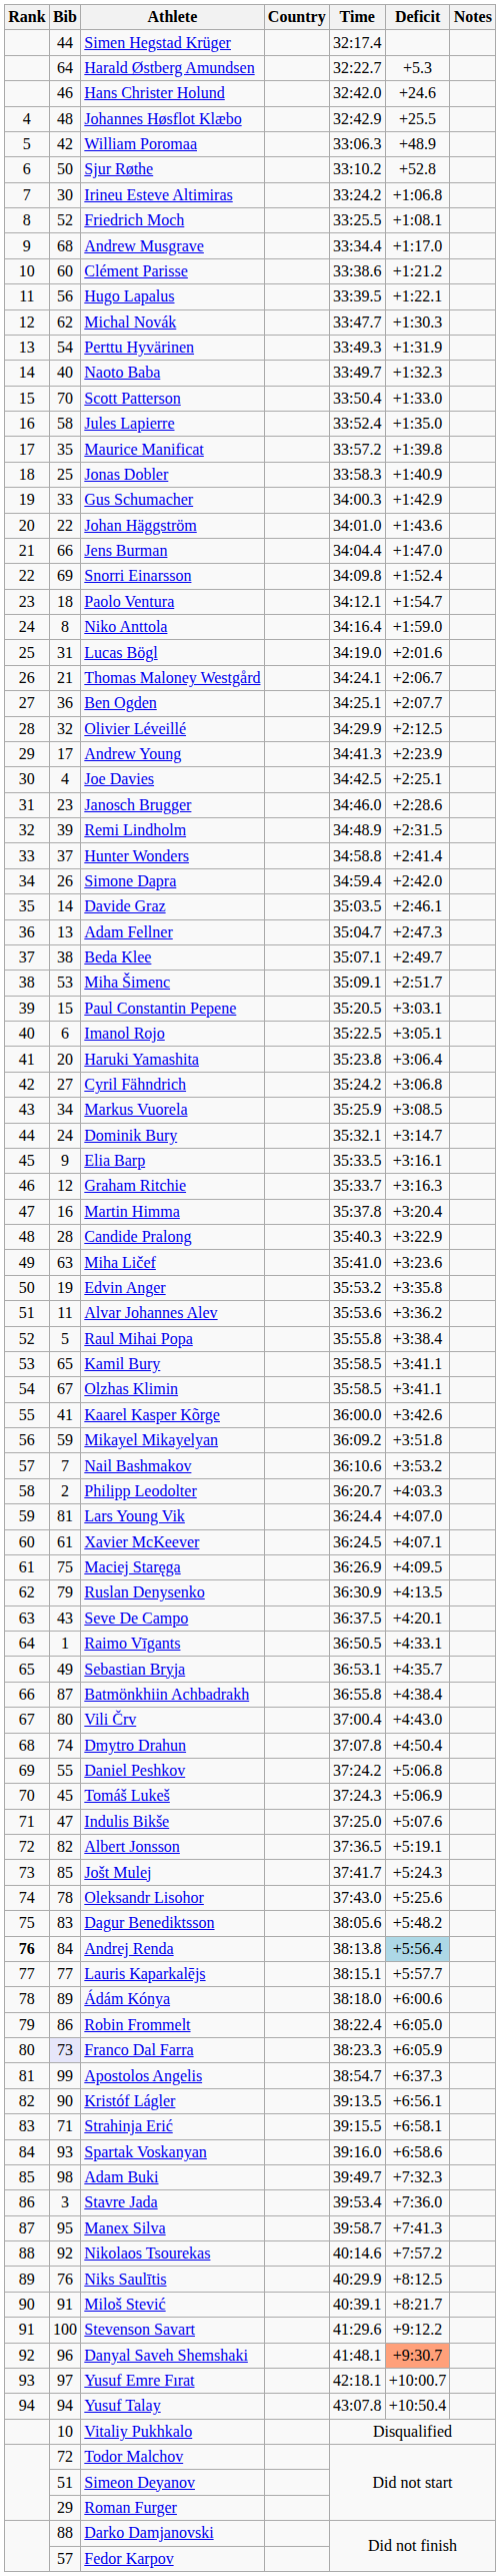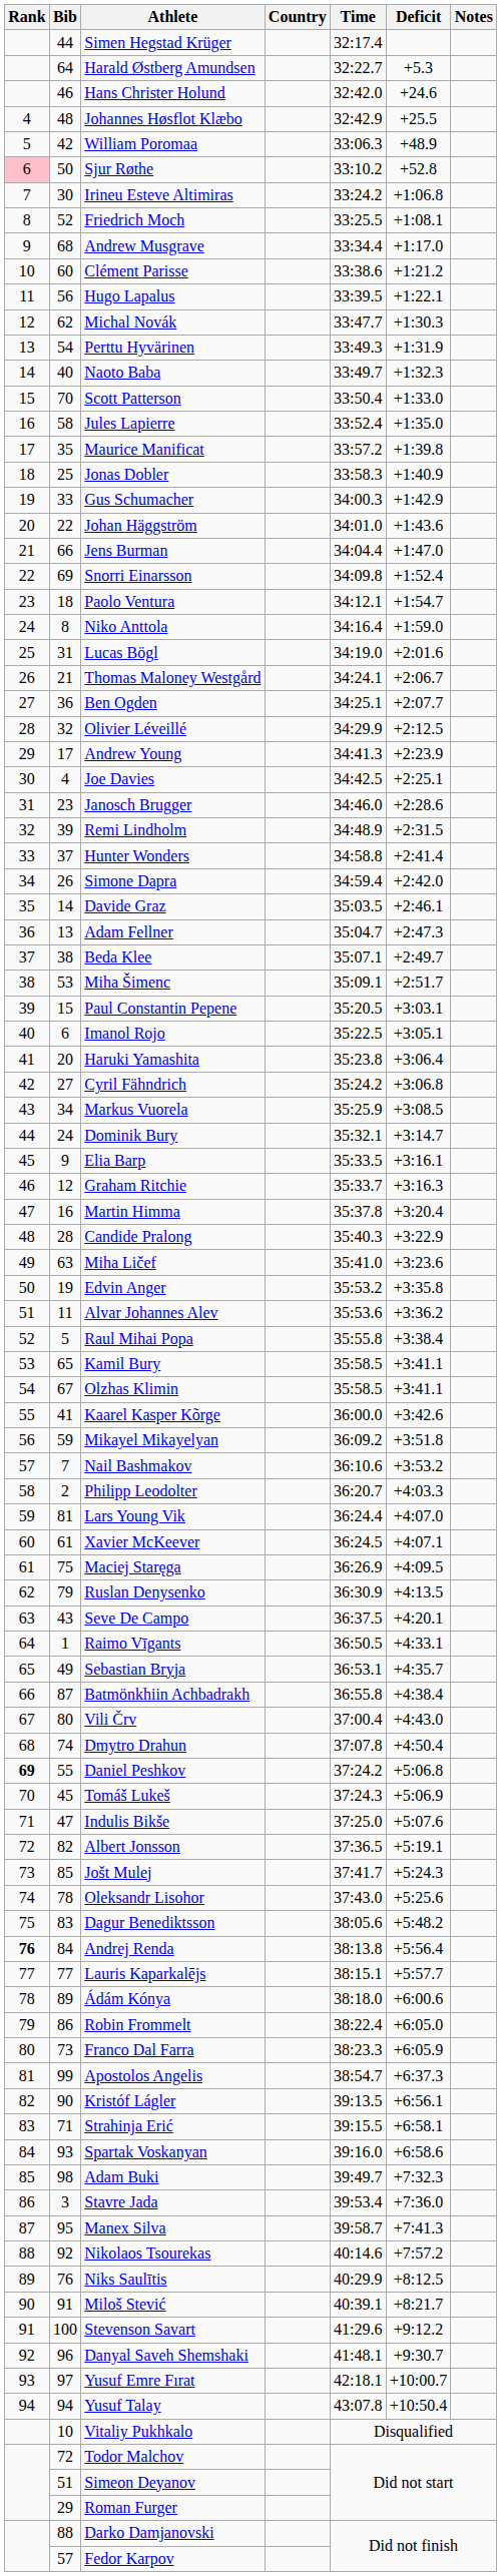 <table class="wikitable sortable" style="text-align:center">
 <tr>
 <th>Rank</th>
 <th>Bib</th>
 <th>Athlete</th>
 <th>Country</th>
 <th>Time</th>
 <th>Deficit</th>
 <th>Notes</th>
 </tr>
 <tr>
 <td></td>
 <td>44</td>
 <td align=left><a href='#'>Simen Hegstad Krüger</a></td>
 <td align=left></td>
 <td>32:17.4</td>
 <td></td>
 <td></td>
 </tr>
 <tr>
 <td></td>
 <td>64</td>
 <td align=left><a href='#'>Harald Østberg Amundsen</a></td>
 <td align=left></td>
 <td>32:22.7</td>
 <td>+5.3</td>
 <td></td>
 </tr>
 <tr>
 <td></td>
 <td>46</td>
 <td align=left><a href='#'>Hans Christer Holund</a></td>
 <td align=left></td>
 <td>32:42.0</td>
 <td>+24.6</td>
 <td></td>
 </tr>
 <tr>
 <td>4</td>
 <td>48</td>
 <td align=left><a href='#'>Johannes Høsflot Klæbo</a></td>
 <td align=left></td>
 <td>32:42.9</td>
 <td>+25.5</td>
 <td></td>
 </tr>
 <tr>
 <td>5</td>
 <td>42</td>
 <td align=left><a href='#'>William Poromaa</a></td>
 <td align=left></td>
 <td>33:06.3</td>
 <td>+48.9</td>
 <td></td>
 </tr>
 <tr>
-<td>6</td>
+<td style="background: pink;">6</td>
 <td>50</td>
 <td align=left><a href='#'>Sjur Røthe</a></td>
 <td align=left></td>
 <td>33:10.2</td>
 <td>+52.8</td>
 <td></td>
 </tr>
 <tr>
 <td>7</td>
 <td>30</td>
 <td align=left><a href='#'>Irineu Esteve Altimiras</a></td>
 <td align=left></td>
 <td>33:24.2</td>
 <td>+1:06.8</td>
 <td></td>
 </tr>
 <tr>
 <td>8</td>
 <td>52</td>
 <td align=left><a href='#'>Friedrich Moch</a></td>
 <td align=left></td>
 <td>33:25.5</td>
 <td>+1:08.1</td>
 <td></td>
 </tr>
 <tr>
 <td>9</td>
 <td>68</td>
 <td align=left><a href='#'>Andrew Musgrave</a></td>
 <td align=left></td>
 <td>33:34.4</td>
 <td>+1:17.0</td>
 <td></td>
 </tr>
 <tr>
 <td>10</td>
 <td>60</td>
 <td align=left><a href='#'>Clément Parisse</a></td>
 <td align=left></td>
 <td>33:38.6</td>
 <td>+1:21.2</td>
 <td></td>
 </tr>
 <tr>
 <td>11</td>
 <td>56</td>
 <td align=left><a href='#'>Hugo Lapalus</a></td>
 <td align=left></td>
 <td>33:39.5</td>
 <td>+1:22.1</td>
 <td></td>
 </tr>
 <tr>
 <td>12</td>
 <td>62</td>
 <td align=left><a href='#'>Michal Novák</a></td>
 <td align=left></td>
 <td>33:47.7</td>
 <td>+1:30.3</td>
 <td></td>
 </tr>
 <tr>
 <td>13</td>
 <td>54</td>
 <td align=left><a href='#'>Perttu Hyvärinen</a></td>
 <td align=left></td>
 <td>33:49.3</td>
 <td>+1:31.9</td>
 <td></td>
 </tr>
 <tr>
 <td>14</td>
 <td>40</td>
 <td align=left><a href='#'>Naoto Baba</a></td>
 <td align=left></td>
 <td>33:49.7</td>
 <td>+1:32.3</td>
 <td></td>
 </tr>
 <tr>
 <td>15</td>
 <td>70</td>
 <td align=left><a href='#'>Scott Patterson</a></td>
 <td align=left></td>
 <td>33:50.4</td>
 <td>+1:33.0</td>
 <td></td>
 </tr>
 <tr>
 <td>16</td>
 <td>58</td>
 <td align=left><a href='#'>Jules Lapierre</a></td>
 <td align=left></td>
 <td>33:52.4</td>
 <td>+1:35.0</td>
 <td></td>
 </tr>
 <tr>
 <td>17</td>
 <td>35</td>
 <td align=left><a href='#'>Maurice Manificat</a></td>
 <td align=left></td>
 <td>33:57.2</td>
 <td>+1:39.8</td>
 <td></td>
 </tr>
 <tr>
 <td>18</td>
 <td>25</td>
 <td align=left><a href='#'>Jonas Dobler</a></td>
 <td align=left></td>
 <td>33:58.3</td>
 <td>+1:40.9</td>
 <td></td>
 </tr>
 <tr>
 <td>19</td>
 <td>33</td>
 <td align=left><a href='#'>Gus Schumacher</a></td>
 <td align=left></td>
 <td>34:00.3</td>
 <td>+1:42.9</td>
 <td></td>
 </tr>
 <tr>
 <td>20</td>
 <td>22</td>
 <td align=left><a href='#'>Johan Häggström</a></td>
 <td align=left></td>
 <td>34:01.0</td>
 <td>+1:43.6</td>
 <td></td>
 </tr>
 <tr>
 <td>21</td>
 <td>66</td>
 <td align=left><a href='#'>Jens Burman</a></td>
 <td align=left></td>
 <td>34:04.4</td>
 <td>+1:47.0</td>
 <td></td>
 </tr>
 <tr>
 <td>22</td>
 <td>69</td>
 <td align=left><a href='#'>Snorri Einarsson</a></td>
 <td align=left></td>
 <td>34:09.8</td>
 <td>+1:52.4</td>
 <td></td>
 </tr>
 <tr>
 <td>23</td>
 <td>18</td>
 <td align=left><a href='#'>Paolo Ventura</a></td>
 <td align=left></td>
 <td>34:12.1</td>
 <td>+1:54.7</td>
 <td></td>
 </tr>
 <tr>
 <td>24</td>
 <td>8</td>
 <td align=left><a href='#'>Niko Anttola</a></td>
 <td align=left></td>
 <td>34:16.4</td>
 <td>+1:59.0</td>
 <td></td>
 </tr>
 <tr>
 <td>25</td>
 <td>31</td>
 <td align=left><a href='#'>Lucas Bögl</a></td>
 <td align=left></td>
 <td>34:19.0</td>
 <td>+2:01.6</td>
 <td></td>
 </tr>
 <tr>
 <td>26</td>
 <td>21</td>
 <td align=left><a href='#'>Thomas Maloney Westgård</a></td>
 <td align=left></td>
 <td>34:24.1</td>
 <td>+2:06.7</td>
 <td></td>
 </tr>
 <tr>
 <td>27</td>
 <td>36</td>
 <td align=left><a href='#'>Ben Ogden</a></td>
 <td align=left></td>
 <td>34:25.1</td>
 <td>+2:07.7</td>
 <td></td>
 </tr>
 <tr>
 <td>28</td>
 <td>32</td>
 <td align=left><a href='#'>Olivier Léveillé</a></td>
 <td align=left></td>
 <td>34:29.9</td>
 <td>+2:12.5</td>
 <td></td>
 </tr>
 <tr>
 <td>29</td>
 <td>17</td>
 <td align=left><a href='#'>Andrew Young</a></td>
 <td align=left></td>
 <td>34:41.3</td>
 <td>+2:23.9</td>
 <td></td>
 </tr>
 <tr>
 <td>30</td>
 <td>4</td>
 <td align=left><a href='#'>Joe Davies</a></td>
 <td align=left></td>
 <td>34:42.5</td>
 <td>+2:25.1</td>
 <td></td>
 </tr>
 <tr>
 <td>31</td>
 <td>23</td>
 <td align=left><a href='#'>Janosch Brugger</a></td>
 <td align=left></td>
 <td>34:46.0</td>
 <td>+2:28.6</td>
 <td></td>
 </tr>
 <tr>
 <td>32</td>
 <td>39</td>
 <td align=left><a href='#'>Remi Lindholm</a></td>
 <td align=left></td>
 <td>34:48.9</td>
 <td>+2:31.5</td>
 <td></td>
 </tr>
 <tr>
 <td>33</td>
 <td>37</td>
 <td align=left><a href='#'>Hunter Wonders</a></td>
 <td align=left></td>
 <td>34:58.8</td>
 <td>+2:41.4</td>
 <td></td>
 </tr>
 <tr>
 <td>34</td>
 <td>26</td>
 <td align=left><a href='#'>Simone Dapra</a></td>
 <td align=left></td>
 <td>34:59.4</td>
 <td>+2:42.0</td>
 <td></td>
 </tr>
 <tr>
 <td>35</td>
 <td>14</td>
 <td align=left><a href='#'>Davide Graz</a></td>
 <td align=left></td>
 <td>35:03.5</td>
 <td>+2:46.1</td>
 <td></td>
 </tr>
 <tr>
 <td>36</td>
 <td>13</td>
 <td align=left><a href='#'>Adam Fellner</a></td>
 <td align=left></td>
 <td>35:04.7</td>
 <td>+2:47.3</td>
 <td></td>
 </tr>
 <tr>
 <td>37</td>
 <td>38</td>
 <td align=left><a href='#'>Beda Klee</a></td>
 <td align=left></td>
 <td>35:07.1</td>
 <td>+2:49.7</td>
 <td></td>
 </tr>
 <tr>
 <td>38</td>
 <td>53</td>
 <td align=left><a href='#'>Miha Šimenc</a></td>
 <td align=left></td>
 <td>35:09.1</td>
 <td>+2:51.7</td>
 <td></td>
 </tr>
 <tr>
 <td>39</td>
 <td>15</td>
 <td align=left><a href='#'>Paul Constantin Pepene</a></td>
 <td align=left></td>
 <td>35:20.5</td>
 <td>+3:03.1</td>
 <td></td>
 </tr>
 <tr>
 <td>40</td>
 <td>6</td>
 <td align=left><a href='#'>Imanol Rojo</a></td>
 <td align=left></td>
 <td>35:22.5</td>
 <td>+3:05.1</td>
 <td></td>
 </tr>
 <tr>
 <td>41</td>
 <td>20</td>
 <td align=left><a href='#'>Haruki Yamashita</a></td>
 <td align=left></td>
 <td>35:23.8</td>
 <td>+3:06.4</td>
 <td></td>
 </tr>
 <tr>
 <td>42</td>
 <td>27</td>
 <td align=left><a href='#'>Cyril Fähndrich</a></td>
 <td align=left></td>
 <td>35:24.2</td>
 <td>+3:06.8</td>
 <td></td>
 </tr>
 <tr>
 <td>43</td>
 <td>34</td>
 <td align=left><a href='#'>Markus Vuorela</a></td>
 <td align=left></td>
 <td>35:25.9</td>
 <td>+3:08.5</td>
 <td></td>
 </tr>
 <tr>
 <td>44</td>
 <td>24</td>
 <td align=left><a href='#'>Dominik Bury</a></td>
 <td align=left></td>
 <td>35:32.1</td>
 <td>+3:14.7</td>
 <td></td>
 </tr>
 <tr>
 <td>45</td>
 <td>9</td>
 <td align=left><a href='#'>Elia Barp</a></td>
 <td align=left></td>
 <td>35:33.5</td>
 <td>+3:16.1</td>
 <td></td>
 </tr>
 <tr>
 <td>46</td>
 <td>12</td>
 <td align=left><a href='#'>Graham Ritchie</a></td>
 <td align=left></td>
 <td>35:33.7</td>
 <td>+3:16.3</td>
 <td></td>
 </tr>
 <tr>
 <td>47</td>
 <td>16</td>
 <td align=left><a href='#'>Martin Himma</a></td>
 <td align=left></td>
 <td>35:37.8</td>
 <td>+3:20.4</td>
 <td></td>
 </tr>
 <tr>
 <td>48</td>
 <td>28</td>
 <td align=left><a href='#'>Candide Pralong</a></td>
 <td align=left></td>
 <td>35:40.3</td>
 <td>+3:22.9</td>
 <td></td>
 </tr>
 <tr>
 <td>49</td>
 <td>63</td>
 <td align=left><a href='#'>Miha Ličef</a></td>
 <td align=left></td>
 <td>35:41.0</td>
 <td>+3:23.6</td>
 <td></td>
 </tr>
 <tr>
 <td>50</td>
 <td>19</td>
 <td align=left><a href='#'>Edvin Anger</a></td>
 <td align=left></td>
 <td>35:53.2</td>
 <td>+3:35.8</td>
 <td></td>
 </tr>
 <tr>
 <td>51</td>
 <td>11</td>
 <td align=left><a href='#'>Alvar Johannes Alev</a></td>
 <td align=left></td>
 <td>35:53.6</td>
 <td>+3:36.2</td>
 <td></td>
 </tr>
 <tr>
 <td>52</td>
 <td>5</td>
 <td align=left><a href='#'>Raul Mihai Popa</a></td>
 <td align=left></td>
 <td>35:55.8</td>
 <td>+3:38.4</td>
 <td></td>
 </tr>
 <tr>
 <td>53</td>
 <td>65</td>
 <td align=left><a href='#'>Kamil Bury</a></td>
 <td align=left></td>
 <td>35:58.5</td>
 <td>+3:41.1</td>
 <td></td>
 </tr>
 <tr>
 <td>54</td>
 <td>67</td>
 <td align=left><a href='#'>Olzhas Klimin</a></td>
 <td align=left></td>
 <td>35:58.5</td>
 <td>+3:41.1</td>
 <td></td>
 </tr>
 <tr>
 <td>55</td>
 <td>41</td>
 <td align=left><a href='#'>Kaarel Kasper Kõrge</a></td>
 <td align=left></td>
 <td>36:00.0</td>
 <td>+3:42.6</td>
 <td></td>
 </tr>
 <tr>
 <td>56</td>
 <td>59</td>
 <td align=left><a href='#'>Mikayel Mikayelyan</a></td>
 <td align=left></td>
 <td>36:09.2</td>
 <td>+3:51.8</td>
 <td></td>
 </tr>
 <tr>
 <td>57</td>
 <td>7</td>
 <td align=left><a href='#'>Nail Bashmakov</a></td>
 <td align=left></td>
 <td>36:10.6</td>
 <td>+3:53.2</td>
 <td></td>
 </tr>
 <tr>
 <td>58</td>
 <td>2</td>
 <td align=left><a href='#'>Philipp Leodolter</a></td>
 <td align=left></td>
 <td>36:20.7</td>
 <td>+4:03.3</td>
 <td></td>
 </tr>
 <tr>
 <td>59</td>
 <td>81</td>
 <td align=left><a href='#'>Lars Young Vik</a></td>
 <td align=left></td>
 <td>36:24.4</td>
 <td>+4:07.0</td>
 <td></td>
 </tr>
 <tr>
 <td>60</td>
 <td>61</td>
 <td align=left><a href='#'>Xavier McKeever</a></td>
 <td align=left></td>
 <td>36:24.5</td>
 <td>+4:07.1</td>
 <td></td>
 </tr>
 <tr>
 <td>61</td>
 <td>75</td>
 <td align=left><a href='#'>Maciej Staręga</a></td>
 <td align=left></td>
 <td>36:26.9</td>
 <td>+4:09.5</td>
 <td></td>
 </tr>
 <tr>
 <td>62</td>
 <td>79</td>
 <td align=left><a href='#'>Ruslan Denysenko</a></td>
 <td align=left></td>
 <td>36:30.9</td>
 <td>+4:13.5</td>
 <td></td>
 </tr>
 <tr>
 <td>63</td>
 <td>43</td>
 <td align=left><a href='#'>Seve De Campo</a></td>
 <td align=left></td>
 <td>36:37.5</td>
 <td>+4:20.1</td>
 <td></td>
 </tr>
 <tr>
 <td>64</td>
 <td>1</td>
 <td align=left><a href='#'>Raimo Vīgants</a></td>
 <td align=left></td>
 <td>36:50.5</td>
 <td>+4:33.1</td>
 <td></td>
 </tr>
 <tr>
 <td>65</td>
 <td>49</td>
 <td align=left><a href='#'>Sebastian Bryja</a></td>
 <td align=left></td>
 <td>36:53.1</td>
 <td>+4:35.7</td>
 <td></td>
 </tr>
 <tr>
 <td>66</td>
 <td>87</td>
 <td align=left><a href='#'>Batmönkhiin Achbadrakh</a></td>
 <td align=left></td>
 <td>36:55.8</td>
 <td>+4:38.4</td>
 <td></td>
 </tr>
 <tr>
 <td>67</td>
 <td>80</td>
 <td align=left><a href='#'>Vili Črv</a></td>
 <td align=left></td>
 <td>37:00.4</td>
 <td>+4:43.0</td>
 <td></td>
 </tr>
 <tr>
 <td>68</td>
 <td>74</td>
 <td align=left><a href='#'>Dmytro Drahun</a></td>
 <td align=left></td>
 <td>37:07.8</td>
 <td>+4:50.4</td>
 <td></td>
 </tr>
 <tr>
-<td>69</td>
+<td><strong>69</strong></td>
 <td>55</td>
 <td align=left><a href='#'>Daniel Peshkov</a></td>
 <td align=left></td>
 <td>37:24.2</td>
 <td>+5:06.8</td>
 <td></td>
 </tr>
 <tr>
 <td>70</td>
 <td>45</td>
 <td align=left><a href='#'>Tomáš Lukeš</a></td>
 <td align=left></td>
 <td>37:24.3</td>
 <td>+5:06.9</td>
 <td></td>
 </tr>
 <tr>
 <td>71</td>
 <td>47</td>
 <td align=left><a href='#'>Indulis Bikše</a></td>
 <td align=left></td>
 <td>37:25.0</td>
 <td>+5:07.6</td>
 <td></td>
 </tr>
 <tr>
 <td>72</td>
 <td>82</td>
 <td align=left><a href='#'>Albert Jonsson</a></td>
 <td align=left></td>
 <td>37:36.5</td>
 <td>+5:19.1</td>
 <td></td>
 </tr>
 <tr>
 <td>73</td>
 <td>85</td>
 <td align=left><a href='#'>Jošt Mulej</a></td>
 <td align=left></td>
 <td>37:41.7</td>
 <td>+5:24.3</td>
 <td></td>
 </tr>
 <tr>
 <td>74</td>
 <td>78</td>
 <td align=left><a href='#'>Oleksandr Lisohor</a></td>
 <td align=left></td>
 <td>37:43.0</td>
 <td>+5:25.6</td>
 <td></td>
 </tr>
 <tr>
 <td>75</td>
 <td>83</td>
 <td align=left><a href='#'>Dagur Benediktsson</a></td>
 <td align=left></td>
 <td>38:05.6</td>
 <td>+5:48.2</td>
 <td></td>
 </tr>
 <tr>
 <td><strong>76</strong></td>
 <td>84</td>
 <td align=left><a href='#'>Andrej Renda</a></td>
 <td align=left></td>
 <td>38:13.8</td>
-<td style="background: lightblue;">+5:56.4</td>
+<td>+5:56.4</td>
 <td></td>
 </tr>
 <tr>
 <td>77</td>
 <td>77</td>
 <td align=left><a href='#'>Lauris Kaparkalējs</a></td>
 <td align=left></td>
 <td>38:15.1</td>
 <td>+5:57.7</td>
 <td></td>
 </tr>
 <tr>
 <td>78</td>
 <td>89</td>
 <td align=left><a href='#'>Ádám Kónya</a></td>
 <td align=left></td>
 <td>38:18.0</td>
 <td>+6:00.6</td>
 <td></td>
 </tr>
 <tr>
 <td>79</td>
 <td>86</td>
 <td align=left><a href='#'>Robin Frommelt</a></td>
 <td align=left></td>
 <td>38:22.4</td>
 <td>+6:05.0</td>
 <td></td>
 </tr>
 <tr>
 <td>80</td>
-<td style="background: lavender;">73</td>
+<td>73</td>
 <td align=left><a href='#'>Franco Dal Farra</a></td>
 <td align=left></td>
 <td>38:23.3</td>
 <td>+6:05.9</td>
 <td></td>
 </tr>
 <tr>
 <td>81</td>
 <td>99</td>
 <td align=left><a href='#'>Apostolos Angelis</a></td>
 <td align=left></td>
 <td>38:54.7</td>
 <td>+6:37.3</td>
 <td></td>
 </tr>
 <tr>
 <td>82</td>
 <td>90</td>
 <td align=left><a href='#'>Kristóf Lágler</a></td>
 <td align=left></td>
 <td>39:13.5</td>
 <td>+6:56.1</td>
 <td></td>
 </tr>
 <tr>
 <td>83</td>
 <td>71</td>
 <td align=left><a href='#'>Strahinja Erić</a></td>
 <td align=left></td>
 <td>39:15.5</td>
 <td>+6:58.1</td>
 <td></td>
 </tr>
 <tr>
 <td>84</td>
 <td>93</td>
 <td align=left><a href='#'>Spartak Voskanyan</a></td>
 <td align=left></td>
 <td>39:16.0</td>
 <td>+6:58.6</td>
 <td></td>
 </tr>
 <tr>
 <td>85</td>
 <td>98</td>
 <td align=left><a href='#'>Adam Buki</a></td>
 <td align=left></td>
 <td>39:49.7</td>
 <td>+7:32.3</td>
 <td></td>
 </tr>
 <tr>
 <td>86</td>
 <td>3</td>
 <td align=left><a href='#'>Stavre Jada</a></td>
 <td align=left></td>
 <td>39:53.4</td>
 <td>+7:36.0</td>
 <td></td>
 </tr>
 <tr>
 <td>87</td>
 <td>95</td>
 <td align=left><a href='#'>Manex Silva</a></td>
 <td align=left></td>
 <td>39:58.7</td>
 <td>+7:41.3</td>
 <td></td>
 </tr>
 <tr>
 <td>88</td>
 <td>92</td>
 <td align=left><a href='#'>Nikolaos Tsourekas</a></td>
 <td align=left></td>
 <td>40:14.6</td>
 <td>+7:57.2</td>
 <td></td>
 </tr>
 <tr>
 <td>89</td>
 <td>76</td>
 <td align=left><a href='#'>Niks Saulītis</a></td>
 <td align=left></td>
 <td>40:29.9</td>
 <td>+8:12.5</td>
 <td></td>
 </tr>
 <tr>
 <td>90</td>
 <td>91</td>
 <td align=left><a href='#'>Miloš Stević</a></td>
 <td align=left></td>
 <td>40:39.1</td>
 <td>+8:21.7</td>
 <td></td>
 </tr>
 <tr>
 <td>91</td>
 <td>100</td>
 <td align=left><a href='#'>Stevenson Savart</a></td>
 <td align=left></td>
 <td>41:29.6</td>
 <td>+9:12.2</td>
 <td></td>
 </tr>
 <tr>
 <td>92</td>
 <td>96</td>
 <td align=left><a href='#'>Danyal Saveh Shemshaki</a></td>
 <td align=left></td>
 <td>41:48.1</td>
-<td style="background: lightsalmon;">+9:30.7</td>
+<td>+9:30.7</td>
 <td></td>
 </tr>
 <tr>
 <td>93</td>
 <td>97</td>
 <td align=left><a href='#'>Yusuf Emre Fırat</a></td>
 <td align=left></td>
 <td>42:18.1</td>
 <td>+10:00.7</td>
 <td></td>
 </tr>
 <tr>
 <td>94</td>
 <td>94</td>
 <td align=left><a href='#'>Yusuf Talay</a></td>
 <td align=left></td>
 <td>43:07.8</td>
 <td>+10:50.4</td>
 <td></td>
 </tr>
 <tr>
 <td></td>
 <td>10</td>
 <td align=left><a href='#'>Vitaliy Pukhkalo</a></td>
 <td align=left></td>
 <td colspan=3>Disqualified</td>
 </tr>
 <tr>
 <td rowspan=3></td>
 <td>72</td>
 <td align=left><a href='#'>Todor Malchov</a></td>
 <td align=left></td>
 <td colspan=3 rowspan=3>Did not start</td>
 </tr>
 <tr>
 <td>51</td>
 <td align=left><a href='#'>Simeon Deyanov</a></td>
 <td align=left></td>
 </tr>
 <tr>
 <td>29</td>
 <td align=left><a href='#'>Roman Furger</a></td>
 <td align=left></td>
 </tr>
 <tr>
 <td rowspan=2></td>
 <td>88</td>
 <td align=left><a href='#'>Darko Damjanovski</a></td>
 <td align=left></td>
 <td colspan=3 rowspan=2>Did not finish</td>
 </tr>
 <tr>
 <td>57</td>
 <td align=left><a href='#'>Fedor Karpov</a></td>
 <td align=left></td>
 </tr>
 </table>
